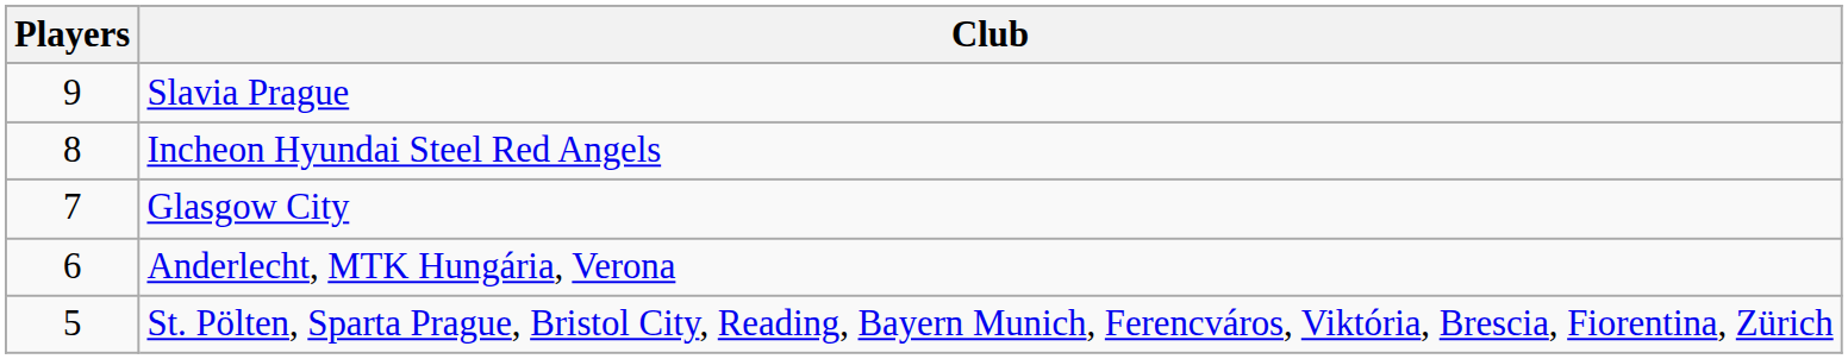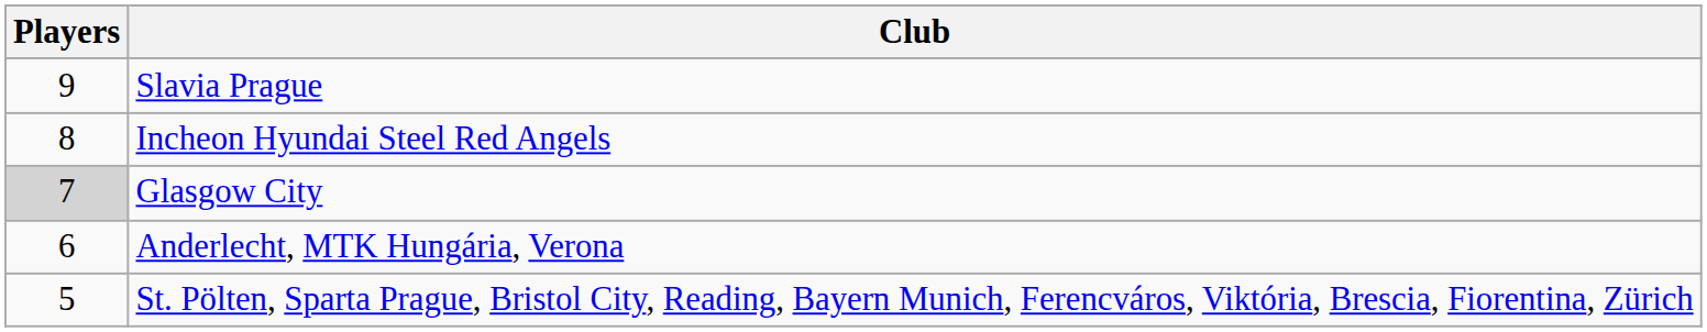 <table class="wikitable">
 <tr>
 <th>Players</th>
 <th>Club</th>
 </tr>
 <tr>
 <td align="center">9</td>
 <td> <a href='#'>Slavia Prague</a></td>
 </tr>
 <tr>
 <td align="center">8</td>
 <td> <a href='#'>Incheon Hyundai Steel Red Angels</a></td>
 </tr>
 <tr>
-<td align="center">7</td>
+<td align="center" style="background: lightgrey;">7</td>
 <td> <a href='#'>Glasgow City</a></td>
 </tr>
 <tr>
 <td align="center">6</td>
 <td> <a href='#'>Anderlecht</a>,  <a href='#'>MTK Hungária</a>,  <a href='#'>Verona</a></td>
 </tr>
 <tr>
 <td align="center">5</td>
 <td> <a href='#'>St. Pölten</a>,  <a href='#'>Sparta Prague</a>,  <a href='#'>Bristol City</a>,  <a href='#'>Reading</a>,  <a href='#'>Bayern Munich</a>,  <a href='#'>Ferencváros</a>,  <a href='#'>Viktória</a>,  <a href='#'>Brescia</a>,  <a href='#'>Fiorentina</a>,  <a href='#'>Zürich</a></td>
 </tr>
 </table>
